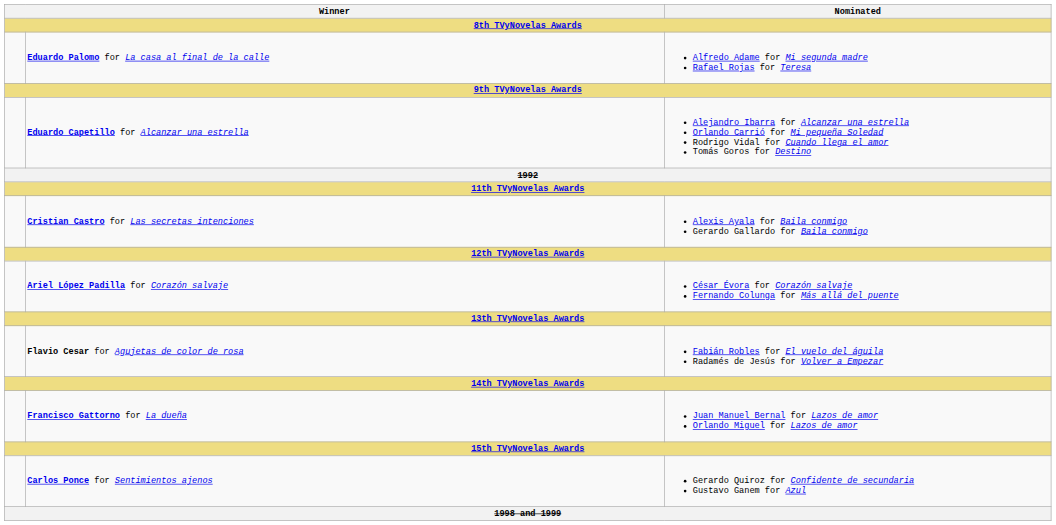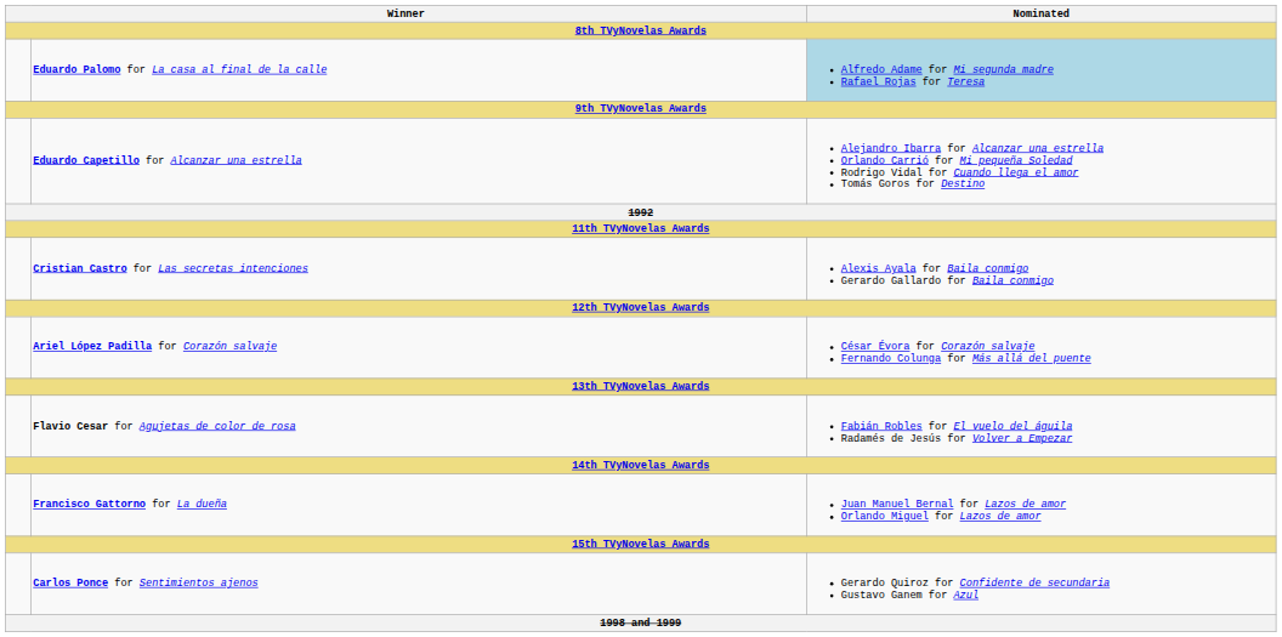 <table class="wikitable" width=80%>
 <tr align=center>
 <th width="150px;" colspan=2; align="center">Winner</th>
 <th width="580px;" align="center">Nominated</th>
 </tr>
 <tr>
 <th colspan=9 style="background:#EEDD82;"  align="center"><strong><a href='#'>8th TVyNovelas Awards</a></strong></th>
 </tr>
 <tr>
 <td width=2%></td>
 <td><strong><a href='#'>Eduardo Palomo</a></strong> for <em><a href='#'>La casa al final de la calle</a></em></td>
-<td><br><ul><li><a href='#'>Alfredo Adame</a> for <em><a href='#'>Mi segunda madre</a></em></li><li><a href='#'>Rafael Rojas</a> for <em><a href='#'>Teresa</a></em></li></ul></td>
+<td style="background: lightblue;"><br><ul><li><a href='#'>Alfredo Adame</a> for <em><a href='#'>Mi segunda madre</a></em></li><li><a href='#'>Rafael Rojas</a> for <em><a href='#'>Teresa</a></em></li></ul></td>
 </tr>
 <tr>
 <th colspan=9 style="background:#EEDD82;"  align="center"><strong><a href='#'>9th TVyNovelas Awards</a></strong></th>
 </tr>
 <tr>
 <td width=2%></td>
 <td><strong><a href='#'>Eduardo Capetillo</a></strong> for <em><a href='#'>Alcanzar una estrella</a></em></td>
 <td><br><ul><li><a href='#'>Alejandro Ibarra</a> for <em><a href='#'>Alcanzar una estrella</a></em></li><li><a href='#'>Orlando Carrió</a> for <em><a href='#'>Mi pequeña Soledad</a></em></li><li>Rodrigo Vidal for <em><a href='#'>Cuando llega el amor</a></em></li><li>Tomás Goros for <em><a href='#'>Destino</a></em></li></ul></td>
 </tr>
 <tr>
 <th colspan=9 align="center"><s>1992</s></th>
 </tr>
 <tr>
 <th colspan=9 style="background:#EEDD82;"  align="center"><strong><a href='#'>11th TVyNovelas Awards</a></strong></th>
 </tr>
 <tr>
 <td width=2%></td>
 <td><strong><a href='#'>Cristian Castro</a></strong> for <em><a href='#'>Las secretas intenciones</a></em></td>
 <td><br><ul><li><a href='#'>Alexis Ayala</a> for <em><a href='#'>Baila conmigo</a></em></li><li>Gerardo Gallardo for <em><a href='#'>Baila conmigo</a></em></li></ul></td>
 </tr>
 <tr>
 <th colspan=9 style="background:#EEDD82;"  align="center"><strong><a href='#'>12th TVyNovelas Awards</a></strong></th>
 </tr>
 <tr>
 <td width=2%></td>
 <td><strong><a href='#'>Ariel López Padilla</a></strong> for <em><a href='#'>Corazón salvaje</a></em></td>
 <td><br><ul><li><a href='#'>César Évora</a> for <em><a href='#'>Corazón salvaje</a></em></li><li><a href='#'>Fernando Colunga</a> for <em><a href='#'>Más allá del puente</a></em></li></ul></td>
 </tr>
 <tr>
 <th colspan=9 style="background:#EEDD82;"  align="center"><strong><a href='#'>13th TVyNovelas Awards</a></strong></th>
 </tr>
 <tr>
 <td width=2%></td>
 <td><strong>Flavio Cesar</strong> for <em><a href='#'>Agujetas de color de rosa</a></em></td>
 <td><br><ul><li><a href='#'>Fabián Robles</a> for <em><a href='#'>El vuelo del águila</a></em></li><li>Radamés de Jesús for <em><a href='#'>Volver a Empezar</a></em></li></ul></td>
 </tr>
 <tr>
 <th colspan=9 style="background:#EEDD82;"  align="center"><strong><a href='#'>14th TVyNovelas Awards</a></strong></th>
 </tr>
 <tr>
 <td width=2%></td>
 <td><strong><a href='#'>Francisco Gattorno</a></strong> for <em><a href='#'>La dueña</a></em></td>
 <td><br><ul><li><a href='#'>Juan Manuel Bernal</a> for <em><a href='#'>Lazos de amor</a></em></li><li><a href='#'>Orlando Miguel</a> for <em><a href='#'>Lazos de amor</a></em></li></ul></td>
 </tr>
 <tr>
 <th colspan=9 style="background:#EEDD82;"  align="center"><strong><a href='#'>15th TVyNovelas Awards</a></strong></th>
 </tr>
 <tr>
 <td width=2%></td>
 <td><strong><a href='#'>Carlos Ponce</a></strong> for <em><a href='#'>Sentimientos ajenos</a></em></td>
 <td><br><ul><li>Gerardo Quiroz for <em><a href='#'>Confidente de secundaria</a></em></li><li>Gustavo Ganem for <em><a href='#'>Azul</a></em></li></ul></td>
 </tr>
 <tr>
 <th colspan=9 align="center"><s>1998 and 1999</s></th>
 </tr>
 </table>
